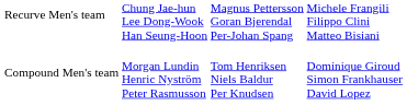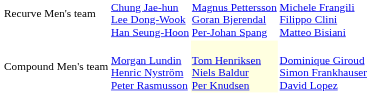 <table>
 <tr>
 <td>Recurve Men's team<br></td>
 <td><br><a href='#'>Chung Jae-hun</a><br><a href='#'>Lee Dong-Wook</a><br><a href='#'>Han Seung-Hoon</a></td>
 <td><br><a href='#'>Magnus Pettersson</a><br><a href='#'>Goran Bjerendal</a><br><a href='#'>Per-Johan Spang</a></td>
 <td><br><a href='#'>Michele Frangili</a><br><a href='#'>Filippo Clini</a><br><a href='#'>Matteo Bisiani</a></td>
 </tr>
 <tr>
 <td>Compound Men's team<br></td>
 <td> <br><a href='#'>Morgan Lundin</a><br><a href='#'>Henric Nyström</a><br><a href='#'>Peter Rasmusson</a></td>
-<td> <br><a href='#'>Tom Henriksen</a><br><a href='#'>Niels Baldur</a><br><a href='#'>Per Knudsen</a></td>
+<td style="background: lightyellow;"> <br><a href='#'>Tom Henriksen</a><br><a href='#'>Niels Baldur</a><br><a href='#'>Per Knudsen</a></td>
 <td> <br><a href='#'>Dominique Giroud</a><br><a href='#'>Simon Frankhauser</a><br><a href='#'>David Lopez</a></td>
 </tr>
 </table>
